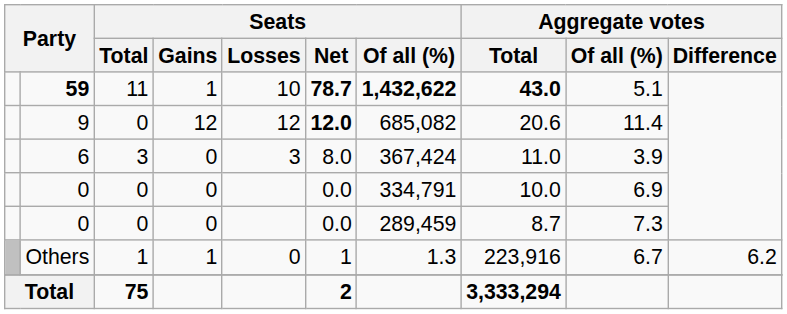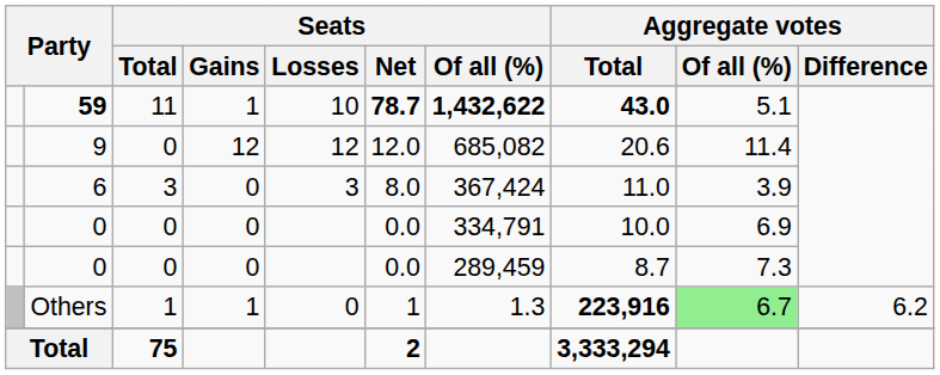 <table class="wikitable sortable" style="text-align:right; font-size:95%;">
 <tr>
 <th colspan="2" rowspan="2">Party</th>
 <th colspan="5">Seats</th>
 <th colspan="3">Aggregate votes</th>
 </tr>
 <tr>
 <th>Total</th>
 <th>Gains</th>
 <th>Losses</th>
 <th>Net</th>
 <th>Of all (%)</th>
 <th>Total</th>
 <th>Of all (%)</th>
 <th>Difference</th>
 </tr>
 <tr>
 <td></td>
 <td><strong>59</strong></td>
 <td>11</td>
 <td>1</td>
 <td>10</td>
 <td><strong>78.7</strong></td>
 <td><strong>1,432,622</strong></td>
 <td><strong>43.0</strong></td>
 <td>5.1</td>
 </tr>
 <tr>
 <td></td>
 <td>9</td>
 <td>0</td>
 <td>12</td>
 <td>12</td>
-<td><strong>12.0</strong></td>
+<td>12.0</td>
 <td>685,082</td>
 <td>20.6</td>
 <td>11.4</td>
 </tr>
 <tr>
 <td></td>
 <td>6</td>
 <td>3</td>
 <td>0</td>
 <td>3</td>
 <td>8.0</td>
 <td>367,424</td>
 <td>11.0</td>
 <td>3.9</td>
 </tr>
 <tr>
 <td></td>
 <td>0</td>
 <td>0</td>
 <td>0</td>
 <td></td>
 <td>0.0</td>
 <td>334,791</td>
 <td>10.0</td>
 <td>6.9</td>
 </tr>
 <tr>
 <td></td>
 <td>0</td>
 <td>0</td>
 <td>0</td>
 <td></td>
 <td>0.0</td>
 <td>289,459</td>
 <td>8.7</td>
 <td>7.3</td>
 </tr>
 <tr>
 <td style="background:silver;"> </td>
 <td align=left>Others</td>
 <td>1</td>
 <td>1</td>
 <td>0</td>
 <td>1</td>
 <td>1.3</td>
-<td>223,916</td>
-<td>6.7</td>
+<td><strong>223,916</strong></td>
+<td style="background: lightgreen;">6.7</td>
 <td>6.2</td>
 </tr>
 <tr>
 </tr>
 <tr class="sortbottom" style="font-weight:bold;">
 <th colspan="2" scope="row" style="background-color:#f2f2f2;">Total</th>
 <td>75</td>
 <td></td>
 <td></td>
 <td>2</td>
 <td></td>
 <td>3,333,294</td>
 <td></td>
 <td></td>
 </tr>
 </table>
